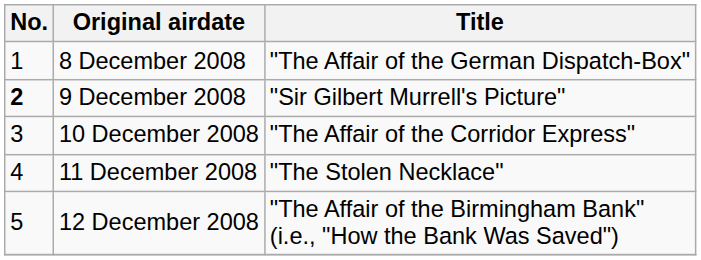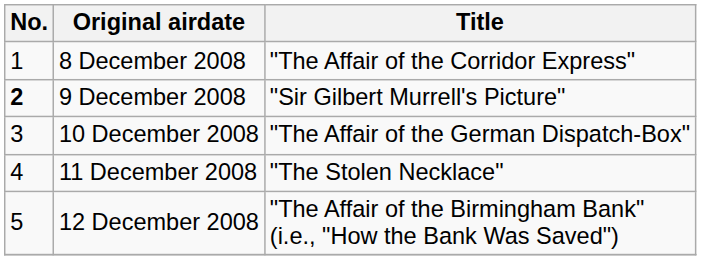 <table class="wikitable">
 <tr>
 <th>No.</th>
 <th>Original airdate</th>
 <th>Title</th>
 </tr>
 <tr>
 <td>1</td>
 <td>8 December 2008</td>
-<td>"The Affair of the German Dispatch-Box"</td>
+<td>"The Affair of the Corridor Express"</td>
 </tr>
 <tr>
 <td><strong>2</strong></td>
 <td>9 December 2008</td>
 <td>"Sir Gilbert Murrell's Picture"</td>
 </tr>
 <tr>
 <td>3</td>
 <td>10 December 2008</td>
-<td>"The Affair of the Corridor Express"</td>
+<td>"The Affair of the German Dispatch-Box"</td>
 </tr>
 <tr>
 <td>4</td>
 <td>11 December 2008</td>
 <td>"The Stolen Necklace"</td>
 </tr>
 <tr>
 <td>5</td>
 <td>12 December 2008</td>
 <td>"The Affair of the Birmingham Bank"<br>(i.e., "How the Bank Was Saved")</td>
 </tr>
 <tr>
 </tr>
 </table>
